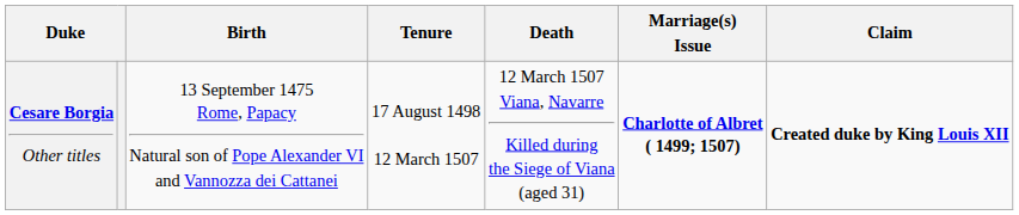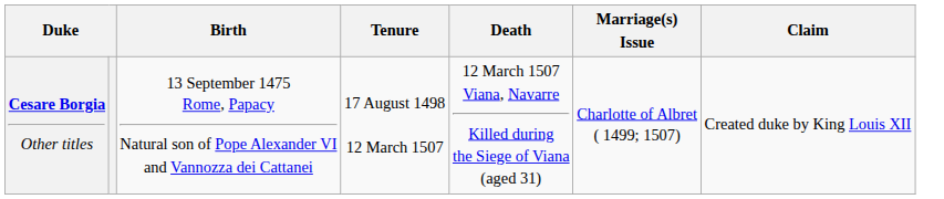 <table class="wikitable" style="line-height:1.4em; text-align:center">
 <tr>
 <th colspan=2>Duke</th>
 <th>Birth</th>
 <th>Tenure</th>
 <th>Death</th>
 <th>Marriage(s)<br>Issue</th>
 <th>Claim</th>
 </tr>
 <tr>
 <th style="font-weight:normal"><strong><a href='#'>Cesare Borgia</a></strong><hr><em>Other titles</em><br></th>
 <th style="font-weight:normal"></th>
 <td>13 September 1475<br><a href='#'>Rome</a>, <a href='#'>Papacy</a><hr>Natural son of <a href='#'>Pope Alexander VI</a><br>and <a href='#'>Vannozza dei Cattanei</a></td>
 <td>17 August 1498<br><br>12 March 1507</td>
 <td>12 March 1507<br><a href='#'>Viana</a>, <a href='#'>Navarre</a><hr><a href='#'>Killed during<br>the Siege of Viana</a><br>(aged 31)</td>
-<td><strong><a href='#'>Charlotte of Albret</a><br>( 1499;  1507)<br></strong></td>
-<td><strong>Created duke by King <a href='#'>Louis XII</a></strong></td>
+<td><a href='#'>Charlotte of Albret</a><br>( 1499;  1507)<br></td>
+<td>Created duke by King <a href='#'>Louis XII</a></td>
 </tr>
 </table>
